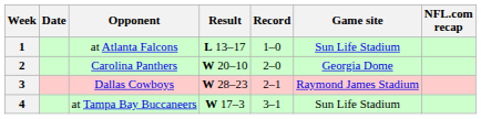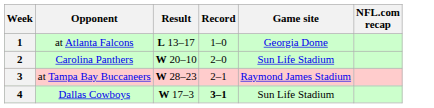 <table class="wikitable" style="text-align:center">
 <tr>
 <th>Week</th>
-<th>Date</th>
 <th>Opponent</th>
 <th>Result</th>
 <th>Record</th>
 <th>Game site</th>
 <th>NFL.com<br>recap</th>
 </tr>
 <tr style="background:#cfc">
 <th>1</th>
-<td></td>
 <td>at <a href='#'>Atlanta Falcons</a></td>
 <td><strong>L</strong> 13–17</td>
 <td>1–0</td>
-<td><a href='#'>Sun Life Stadium</a></td>
+<td><a href='#'>Georgia Dome</a></td>
 <td></td>
 </tr>
 <tr style="background:#cfc">
 <th>2</th>
-<td></td>
 <td><a href='#'>Carolina Panthers</a></td>
 <td><strong>W</strong> 20–10</td>
 <td>2–0</td>
-<td><a href='#'>Georgia Dome</a></td>
+<td><a href='#'>Sun Life Stadium</a></td>
 <td></td>
 </tr>
 <tr style="background:#fcc">
 <th>3</th>
-<td></td>
-<td><a href='#'>Dallas Cowboys</a></td>
+<td>at <a href='#'>Tampa Bay Buccaneers</a></td>
 <td><strong>W</strong> 28–23</td>
 <td>2–1</td>
 <td><a href='#'>Raymond James Stadium</a></td>
 <td></td>
 </tr>
 <tr style="background:#cfc">
 <th>4</th>
-<td></td>
-<td>at <a href='#'>Tampa Bay Buccaneers</a></td>
+<td><a href='#'>Dallas Cowboys</a></td>
 <td><strong>W</strong> 17–3</td>
-<td>3–1</td>
+<td><strong>3–1</strong></td>
 <td>Sun Life Stadium</td>
 <td></td>
 </tr>
 </table>
